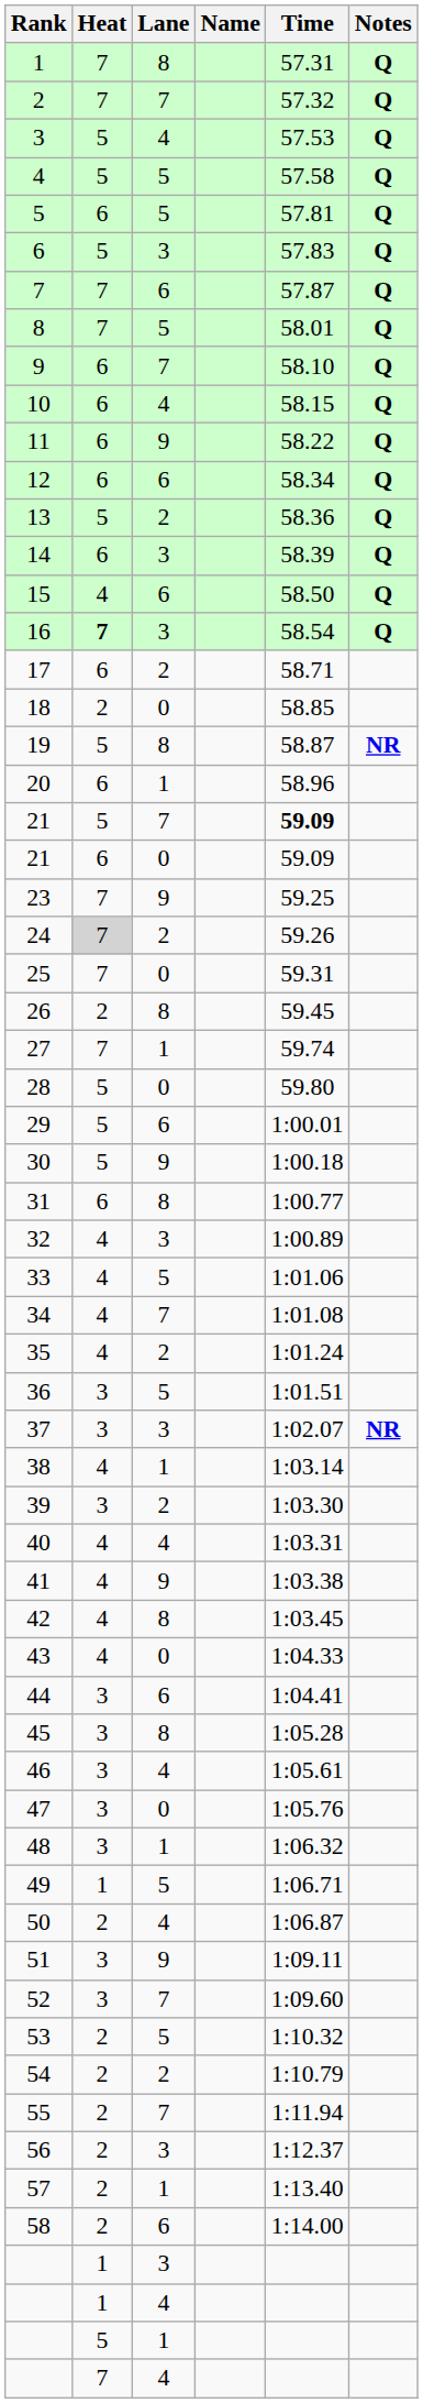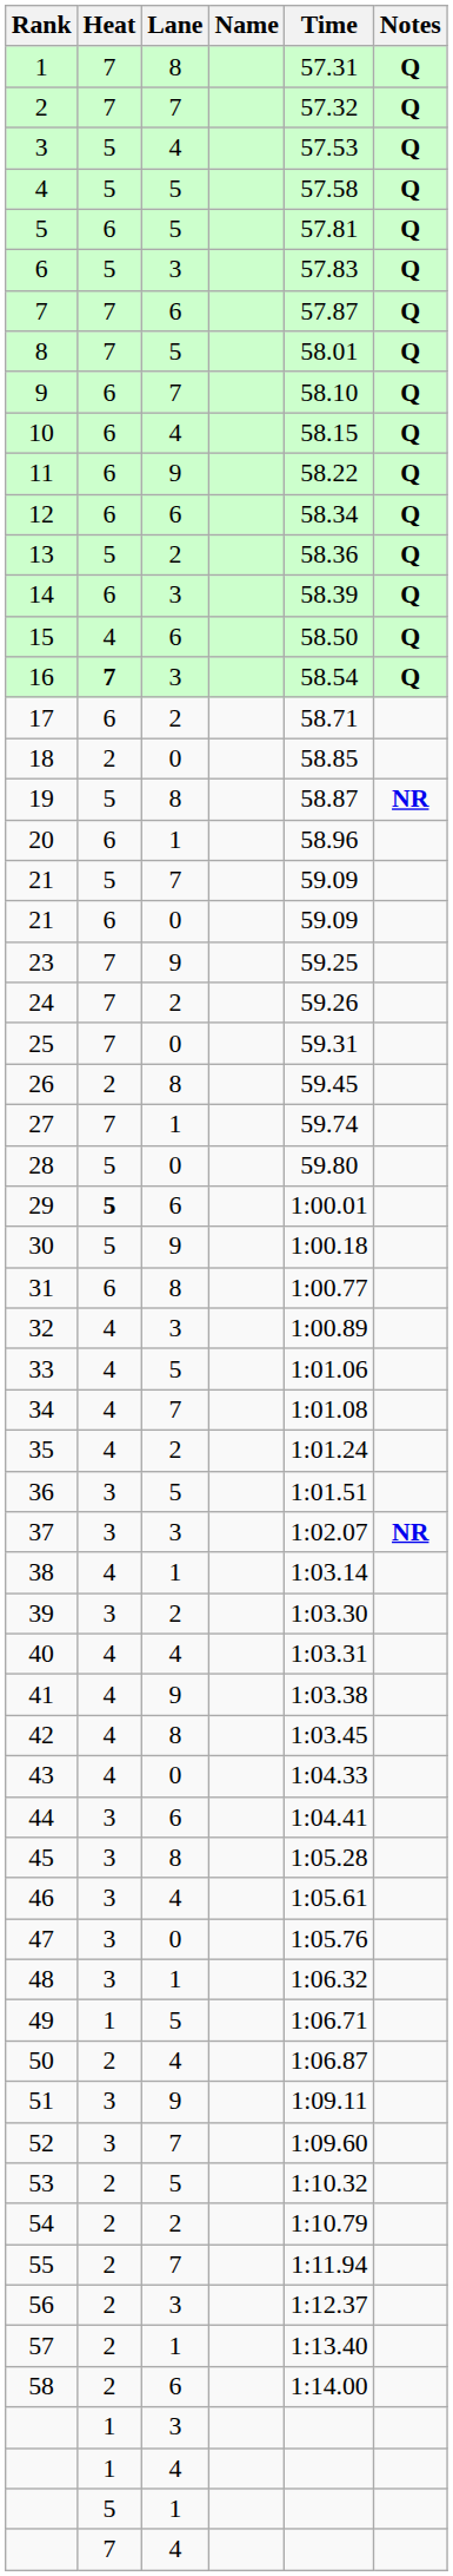 <table class="wikitable sortable" style="text-align:center">
 <tr>
 <th>Rank</th>
 <th>Heat</th>
 <th>Lane</th>
 <th>Name</th>
 <th>Time</th>
 <th>Notes</th>
 </tr>
 <tr bgcolor=ccffcc>
 <td>1</td>
 <td>7</td>
 <td>8</td>
 <td align=left></td>
 <td>57.31</td>
 <td><strong>Q</strong></td>
 </tr>
 <tr bgcolor=ccffcc>
 <td>2</td>
 <td>7</td>
 <td>7</td>
 <td align=left></td>
 <td>57.32</td>
 <td><strong>Q</strong></td>
 </tr>
 <tr bgcolor=ccffcc>
 <td>3</td>
 <td>5</td>
 <td>4</td>
 <td align=left></td>
 <td>57.53</td>
 <td><strong>Q</strong></td>
 </tr>
 <tr bgcolor=ccffcc>
 <td>4</td>
 <td>5</td>
 <td>5</td>
 <td align=left></td>
 <td>57.58</td>
 <td><strong>Q</strong></td>
 </tr>
 <tr bgcolor=ccffcc>
 <td>5</td>
 <td>6</td>
 <td>5</td>
 <td align=left></td>
 <td>57.81</td>
 <td><strong>Q</strong></td>
 </tr>
 <tr bgcolor=ccffcc>
 <td>6</td>
 <td>5</td>
 <td>3</td>
 <td align=left></td>
 <td>57.83</td>
 <td><strong>Q</strong></td>
 </tr>
 <tr bgcolor=ccffcc>
 <td>7</td>
 <td>7</td>
 <td>6</td>
 <td align=left></td>
 <td>57.87</td>
 <td><strong>Q</strong></td>
 </tr>
 <tr bgcolor=ccffcc>
 <td>8</td>
 <td>7</td>
 <td>5</td>
 <td align=left></td>
 <td>58.01</td>
 <td><strong>Q</strong></td>
 </tr>
 <tr bgcolor=ccffcc>
 <td>9</td>
 <td>6</td>
 <td>7</td>
 <td align=left></td>
 <td>58.10</td>
 <td><strong>Q</strong></td>
 </tr>
 <tr bgcolor=ccffcc>
 <td>10</td>
 <td>6</td>
 <td>4</td>
 <td align=left></td>
 <td>58.15</td>
 <td><strong>Q</strong></td>
 </tr>
 <tr bgcolor=ccffcc>
 <td>11</td>
 <td>6</td>
 <td>9</td>
 <td align=left></td>
 <td>58.22</td>
 <td><strong>Q</strong></td>
 </tr>
 <tr bgcolor=ccffcc>
 <td>12</td>
 <td>6</td>
 <td>6</td>
 <td align=left></td>
 <td>58.34</td>
 <td><strong>Q</strong></td>
 </tr>
 <tr bgcolor=ccffcc>
 <td>13</td>
 <td>5</td>
 <td>2</td>
 <td align=left></td>
 <td>58.36</td>
 <td><strong>Q</strong></td>
 </tr>
 <tr bgcolor=ccffcc>
 <td>14</td>
 <td>6</td>
 <td>3</td>
 <td align=left></td>
 <td>58.39</td>
 <td><strong>Q</strong></td>
 </tr>
 <tr bgcolor=ccffcc>
 <td>15</td>
 <td>4</td>
 <td>6</td>
 <td align=left></td>
 <td>58.50</td>
 <td><strong>Q</strong></td>
 </tr>
 <tr bgcolor=ccffcc>
 <td>16</td>
 <td><strong>7</strong></td>
 <td>3</td>
 <td align=left></td>
 <td>58.54</td>
 <td><strong>Q</strong></td>
 </tr>
 <tr>
 <td>17</td>
 <td>6</td>
 <td>2</td>
 <td align=left></td>
 <td>58.71</td>
 <td></td>
 </tr>
 <tr>
 <td>18</td>
 <td>2</td>
 <td>0</td>
 <td align=left></td>
 <td>58.85</td>
 <td></td>
 </tr>
 <tr>
 <td>19</td>
 <td>5</td>
 <td>8</td>
 <td align=left></td>
 <td>58.87</td>
 <td><strong><a href='#'>NR</a></strong></td>
 </tr>
 <tr>
 <td>20</td>
 <td>6</td>
 <td>1</td>
 <td align=left></td>
 <td>58.96</td>
 <td></td>
 </tr>
 <tr>
 <td>21</td>
 <td>5</td>
 <td>7</td>
 <td align=left></td>
-<td><strong>59.09</strong></td>
+<td>59.09</td>
 <td></td>
 </tr>
 <tr>
 <td>21</td>
 <td>6</td>
 <td>0</td>
 <td align=left></td>
 <td>59.09</td>
 <td></td>
 </tr>
 <tr>
 <td>23</td>
 <td>7</td>
 <td>9</td>
 <td align=left></td>
 <td>59.25</td>
 <td></td>
 </tr>
 <tr>
 <td>24</td>
-<td style="background: lightgrey;">7</td>
+<td>7</td>
 <td>2</td>
 <td align=left></td>
 <td>59.26</td>
 <td></td>
 </tr>
 <tr>
 <td>25</td>
 <td>7</td>
 <td>0</td>
 <td align=left></td>
 <td>59.31</td>
 <td></td>
 </tr>
 <tr>
 <td>26</td>
 <td>2</td>
 <td>8</td>
 <td align=left></td>
 <td>59.45</td>
 <td></td>
 </tr>
 <tr>
 <td>27</td>
 <td>7</td>
 <td>1</td>
 <td align=left></td>
 <td>59.74</td>
 <td></td>
 </tr>
 <tr>
 <td>28</td>
 <td>5</td>
 <td>0</td>
 <td align=left></td>
 <td>59.80</td>
 <td></td>
 </tr>
 <tr>
 <td>29</td>
-<td>5</td>
+<td><strong>5</strong></td>
 <td>6</td>
 <td align=left></td>
 <td>1:00.01</td>
 <td></td>
 </tr>
 <tr>
 <td>30</td>
 <td>5</td>
 <td>9</td>
 <td align=left></td>
 <td>1:00.18</td>
 <td></td>
 </tr>
 <tr>
 <td>31</td>
 <td>6</td>
 <td>8</td>
 <td align=left></td>
 <td>1:00.77</td>
 <td></td>
 </tr>
 <tr>
 <td>32</td>
 <td>4</td>
 <td>3</td>
 <td align=left></td>
 <td>1:00.89</td>
 <td></td>
 </tr>
 <tr>
 <td>33</td>
 <td>4</td>
 <td>5</td>
 <td align=left></td>
 <td>1:01.06</td>
 <td></td>
 </tr>
 <tr>
 <td>34</td>
 <td>4</td>
 <td>7</td>
 <td align=left></td>
 <td>1:01.08</td>
 <td></td>
 </tr>
 <tr>
 <td>35</td>
 <td>4</td>
 <td>2</td>
 <td align=left></td>
 <td>1:01.24</td>
 <td></td>
 </tr>
 <tr>
 <td>36</td>
 <td>3</td>
 <td>5</td>
 <td align=left></td>
 <td>1:01.51</td>
 <td></td>
 </tr>
 <tr>
 <td>37</td>
 <td>3</td>
 <td>3</td>
 <td align=left></td>
 <td>1:02.07</td>
 <td><strong><a href='#'>NR</a></strong></td>
 </tr>
 <tr>
 <td>38</td>
 <td>4</td>
 <td>1</td>
 <td align=left></td>
 <td>1:03.14</td>
 <td></td>
 </tr>
 <tr>
 <td>39</td>
 <td>3</td>
 <td>2</td>
 <td align=left></td>
 <td>1:03.30</td>
 <td></td>
 </tr>
 <tr>
 <td>40</td>
 <td>4</td>
 <td>4</td>
 <td align=left></td>
 <td>1:03.31</td>
 <td></td>
 </tr>
 <tr>
 <td>41</td>
 <td>4</td>
 <td>9</td>
 <td align=left></td>
 <td>1:03.38</td>
 <td></td>
 </tr>
 <tr>
 <td>42</td>
 <td>4</td>
 <td>8</td>
 <td align=left></td>
 <td>1:03.45</td>
 <td></td>
 </tr>
 <tr>
 <td>43</td>
 <td>4</td>
 <td>0</td>
 <td align=left></td>
 <td>1:04.33</td>
 <td></td>
 </tr>
 <tr>
 <td>44</td>
 <td>3</td>
 <td>6</td>
 <td align=left></td>
 <td>1:04.41</td>
 <td></td>
 </tr>
 <tr>
 <td>45</td>
 <td>3</td>
 <td>8</td>
 <td align=left></td>
 <td>1:05.28</td>
 <td></td>
 </tr>
 <tr>
 <td>46</td>
 <td>3</td>
 <td>4</td>
 <td align=left></td>
 <td>1:05.61</td>
 <td></td>
 </tr>
 <tr>
 <td>47</td>
 <td>3</td>
 <td>0</td>
 <td align=left></td>
 <td>1:05.76</td>
 <td></td>
 </tr>
 <tr>
 <td>48</td>
 <td>3</td>
 <td>1</td>
 <td align=left></td>
 <td>1:06.32</td>
 <td></td>
 </tr>
 <tr>
 <td>49</td>
 <td>1</td>
 <td>5</td>
 <td align=left></td>
 <td>1:06.71</td>
 <td></td>
 </tr>
 <tr>
 <td>50</td>
 <td>2</td>
 <td>4</td>
 <td align=left></td>
 <td>1:06.87</td>
 <td></td>
 </tr>
 <tr>
 <td>51</td>
 <td>3</td>
 <td>9</td>
 <td align=left></td>
 <td>1:09.11</td>
 <td></td>
 </tr>
 <tr>
 <td>52</td>
 <td>3</td>
 <td>7</td>
 <td align=left></td>
 <td>1:09.60</td>
 <td></td>
 </tr>
 <tr>
 <td>53</td>
 <td>2</td>
 <td>5</td>
 <td align=left></td>
 <td>1:10.32</td>
 <td></td>
 </tr>
 <tr>
 <td>54</td>
 <td>2</td>
 <td>2</td>
 <td align=left></td>
 <td>1:10.79</td>
 <td></td>
 </tr>
 <tr>
 <td>55</td>
 <td>2</td>
 <td>7</td>
 <td align=left></td>
 <td>1:11.94</td>
 <td></td>
 </tr>
 <tr>
 <td>56</td>
 <td>2</td>
 <td>3</td>
 <td align=left></td>
 <td>1:12.37</td>
 <td></td>
 </tr>
 <tr>
 <td>57</td>
 <td>2</td>
 <td>1</td>
 <td align=left></td>
 <td>1:13.40</td>
 <td></td>
 </tr>
 <tr>
 <td>58</td>
 <td>2</td>
 <td>6</td>
 <td align=left></td>
 <td>1:14.00</td>
 <td></td>
 </tr>
 <tr>
 <td></td>
 <td>1</td>
 <td>3</td>
 <td align=left></td>
 <td></td>
 <td></td>
 </tr>
 <tr>
 <td></td>
 <td>1</td>
 <td>4</td>
 <td align=left></td>
 <td></td>
 <td></td>
 </tr>
 <tr>
 <td></td>
 <td>5</td>
 <td>1</td>
 <td align=left></td>
 <td></td>
 <td></td>
 </tr>
 <tr>
 <td></td>
 <td>7</td>
 <td>4</td>
 <td align=left></td>
 <td></td>
 <td></td>
 </tr>
 </table>
